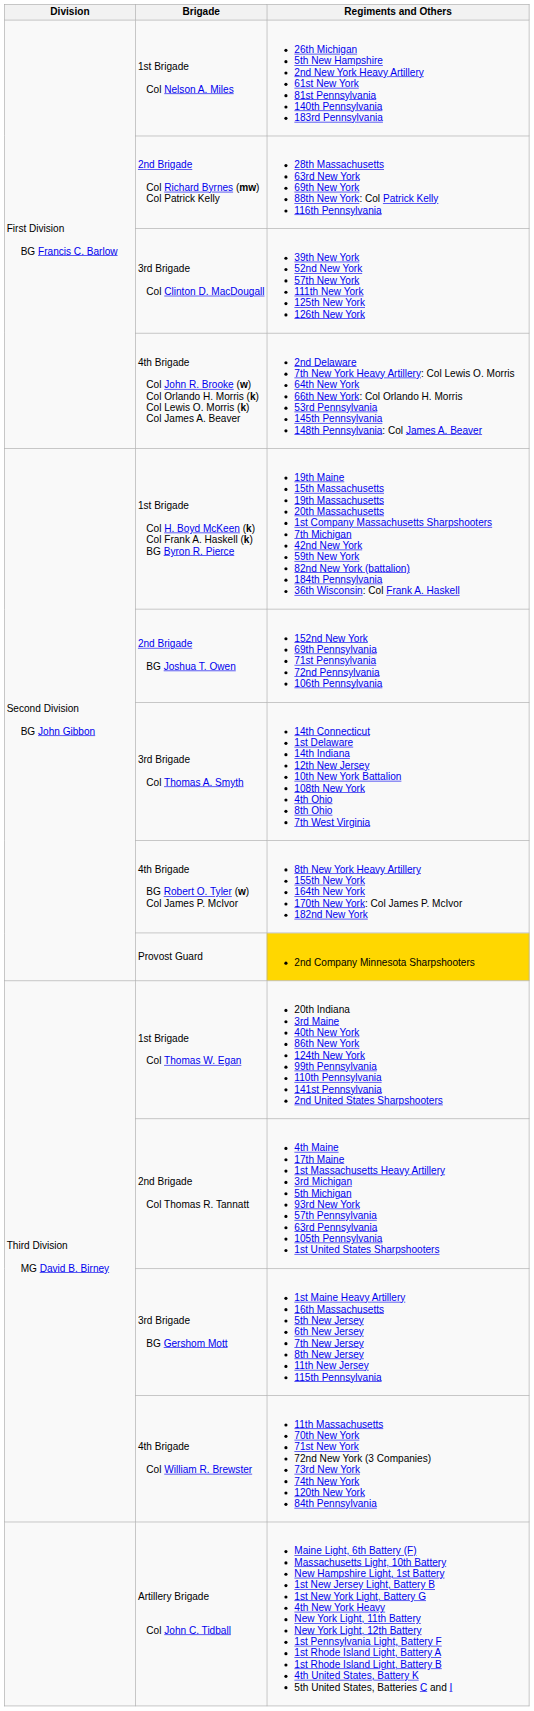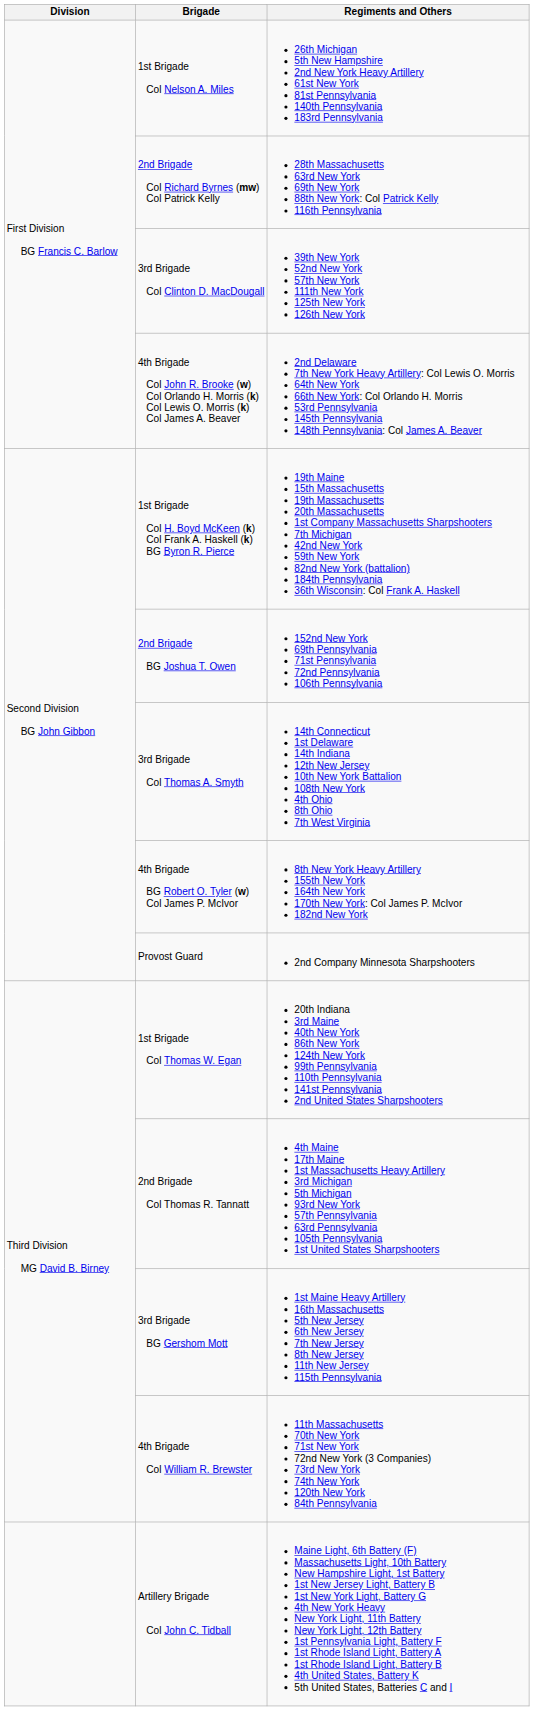 <table class="wikitable">
 <tr>
 <th width=25%>Division</th>
 <th width=25%>Brigade</th>
 <th>Regiments and Others</th>
 </tr>
 <tr>
 <td rowspan=4><br>First Division <br> <br>     BG <a href='#'>Francis C. Barlow</a></td>
 <td>1st Brigade<br><br>   Col <a href='#'>Nelson A. Miles</a></td>
 <td><br><ul><li><a href='#'>26th Michigan</a></li><li><a href='#'>5th New Hampshire</a></li><li><a href='#'>2nd New York Heavy Artillery</a></li><li><a href='#'>61st New York</a></li><li><a href='#'>81st Pennsylvania</a></li><li><a href='#'>140th Pennsylvania</a></li><li><a href='#'>183rd Pennsylvania</a></li></ul></td>
 </tr>
 <tr>
 <td><a href='#'>2nd Brigade</a><br><br>   Col <a href='#'>Richard Byrnes</a> (<strong>mw</strong>) <br>   Col Patrick Kelly</td>
 <td><br><ul><li><a href='#'>28th Massachusetts</a></li><li><a href='#'>63rd New York</a></li><li><a href='#'>69th New York</a></li><li><a href='#'>88th New York</a>: Col <a href='#'>Patrick Kelly</a></li><li><a href='#'>116th Pennsylvania</a></li></ul></td>
 </tr>
 <tr>
 <td>3rd Brigade<br><br>   Col <a href='#'>Clinton D. MacDougall</a></td>
 <td><br><ul><li><a href='#'>39th New York</a></li><li><a href='#'>52nd New York</a></li><li><a href='#'>57th New York</a></li><li><a href='#'>111th New York</a></li><li><a href='#'>125th New York</a></li><li><a href='#'>126th New York</a></li></ul></td>
 </tr>
 <tr>
 <td>4th Brigade<br><br>   Col <a href='#'>John R. Brooke</a> (<strong>w</strong>) <br>   Col Orlando H. Morris (<strong>k</strong>) <br>   Col Lewis O. Morris   (<strong>k</strong>) <br>   Col James A. Beaver</td>
 <td><br><ul><li><a href='#'>2nd Delaware</a></li><li><a href='#'>7th New York Heavy Artillery</a>: Col Lewis O. Morris</li><li><a href='#'>64th New York</a></li><li><a href='#'>66th New York</a>: Col Orlando H. Morris</li><li><a href='#'>53rd Pennsylvania</a></li><li><a href='#'>145th Pennsylvania</a></li><li><a href='#'>148th Pennsylvania</a>: Col <a href='#'>James A. Beaver</a></li></ul></td>
 </tr>
 <tr>
 <td rowspan=5><br>Second Division <br> <br>     BG <a href='#'>John Gibbon</a></td>
 <td>1st Brigade<br><br>   Col <a href='#'>H. Boyd McKeen</a> (<strong>k</strong>) <br>   Col Frank A. Haskell (<strong>k</strong>) <br>   BG <a href='#'>Byron R. Pierce</a></td>
 <td><br><ul><li><a href='#'>19th Maine</a></li><li><a href='#'>15th Massachusetts</a></li><li><a href='#'>19th Massachusetts</a></li><li><a href='#'>20th Massachusetts</a></li><li><a href='#'>1st Company Massachusetts Sharpshooters</a></li><li><a href='#'>7th Michigan</a></li><li><a href='#'>42nd New York</a></li><li><a href='#'>59th New York</a></li><li><a href='#'>82nd New York (battalion)</a></li><li><a href='#'>184th Pennsylvania</a></li><li><a href='#'>36th Wisconsin</a>: Col <a href='#'>Frank A. Haskell</a></li></ul></td>
 </tr>
 <tr>
 <td><a href='#'>2nd Brigade</a><br><br>   BG <a href='#'>Joshua T. Owen</a></td>
 <td><br><ul><li><a href='#'>152nd New York</a></li><li><a href='#'>69th Pennsylvania</a></li><li><a href='#'>71st Pennsylvania</a></li><li><a href='#'>72nd Pennsylvania</a></li><li><a href='#'>106th Pennsylvania</a></li></ul></td>
 </tr>
 <tr>
 <td>3rd Brigade<br><br>   Col <a href='#'>Thomas A. Smyth</a></td>
 <td><br><ul><li><a href='#'>14th Connecticut</a></li><li><a href='#'>1st Delaware</a></li><li><a href='#'>14th Indiana</a></li><li><a href='#'>12th New Jersey</a></li><li><a href='#'>10th New York Battalion</a></li><li><a href='#'>108th New York</a></li><li><a href='#'>4th Ohio</a></li><li><a href='#'>8th Ohio</a></li><li><a href='#'>7th West Virginia</a></li></ul></td>
 </tr>
 <tr>
 <td>4th Brigade<br><br>   BG <a href='#'>Robert O. Tyler</a> (<strong>w</strong>) <br>   Col James P. McIvor</td>
 <td><br><ul><li><a href='#'>8th New York Heavy Artillery</a></li><li><a href='#'>155th New York</a></li><li><a href='#'>164th New York</a></li><li><a href='#'>170th New York</a>: Col James P. McIvor</li><li><a href='#'>182nd New York</a></li></ul></td>
 </tr>
 <tr>
 <td>Provost Guard</td>
-<td style="background: gold;"><br><ul><li>2nd Company Minnesota Sharpshooters</li></ul></td>
+<td><br><ul><li>2nd Company Minnesota Sharpshooters</li></ul></td>
 </tr>
 <tr>
 <td rowspan=4><br>Third Division<br> <br>     MG <a href='#'>David B. Birney</a></td>
 <td>1st Brigade<br><br>   Col <a href='#'>Thomas W. Egan</a></td>
 <td><br><ul><li>20th Indiana</li><li><a href='#'>3rd Maine</a></li><li><a href='#'>40th New York</a></li><li><a href='#'>86th New York</a></li><li><a href='#'>124th New York</a></li><li><a href='#'>99th Pennsylvania</a></li><li><a href='#'>110th Pennsylvania</a></li><li><a href='#'>141st Pennsylvania</a></li><li><a href='#'>2nd United States Sharpshooters</a></li></ul></td>
 </tr>
 <tr>
 <td>2nd Brigade<br><br>   Col Thomas R. Tannatt</td>
 <td><br><ul><li><a href='#'>4th Maine</a></li><li><a href='#'>17th Maine</a></li><li><a href='#'>1st Massachusetts Heavy Artillery</a></li><li><a href='#'>3rd Michigan</a></li><li><a href='#'>5th Michigan</a></li><li><a href='#'>93rd New York</a></li><li><a href='#'>57th Pennsylvania</a></li><li><a href='#'>63rd Pennsylvania</a></li><li><a href='#'>105th Pennsylvania</a></li><li><a href='#'>1st United States Sharpshooters</a></li></ul></td>
 </tr>
 <tr>
 <td>3rd Brigade<br><br>   BG <a href='#'>Gershom Mott</a></td>
 <td><br><ul><li><a href='#'>1st Maine Heavy Artillery</a></li><li><a href='#'>16th Massachusetts</a></li><li><a href='#'>5th New Jersey</a></li><li><a href='#'>6th New Jersey</a></li><li><a href='#'>7th New Jersey</a></li><li><a href='#'>8th New Jersey</a></li><li><a href='#'>11th New Jersey</a></li><li><a href='#'>115th Pennsylvania</a></li></ul></td>
 </tr>
 <tr>
 <td>4th Brigade<br><br>   Col <a href='#'>William R. Brewster</a></td>
 <td><br><ul><li><a href='#'>11th Massachusetts</a></li><li><a href='#'>70th New York</a></li><li><a href='#'>71st New York</a></li><li>72nd New York (3 Companies)</li><li><a href='#'>73rd New York</a></li><li><a href='#'>74th New York</a></li><li><a href='#'>120th New York</a></li><li><a href='#'>84th Pennsylvania</a></li></ul></td>
 </tr>
 <tr>
 <td></td>
 <td>Artillery Brigade<br><br><br>   Col <a href='#'>John C. Tidball</a></td>
 <td><br><ul><li><a href='#'>Maine Light, 6th Battery (F)</a></li><li><a href='#'>Massachusetts Light, 10th Battery</a></li><li><a href='#'>New Hampshire Light, 1st Battery</a></li><li><a href='#'>1st New Jersey Light, Battery B</a></li><li><a href='#'>1st New York Light, Battery G</a></li><li><a href='#'>4th New York Heavy</a></li><li><a href='#'>New York Light, 11th Battery</a></li><li><a href='#'>New York Light, 12th Battery</a></li><li><a href='#'>1st Pennsylvania Light, Battery F</a></li><li><a href='#'>1st Rhode Island Light, Battery A</a></li><li><a href='#'>1st Rhode Island Light, Battery B</a></li><li><a href='#'>4th United States, Battery K</a></li><li>5th United States, Batteries <a href='#'>C</a> and <a href='#'>I</a></li></ul></td>
 </tr>
 </table>
